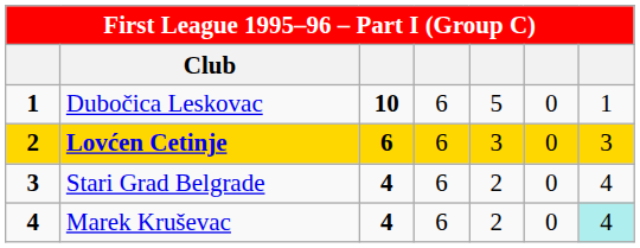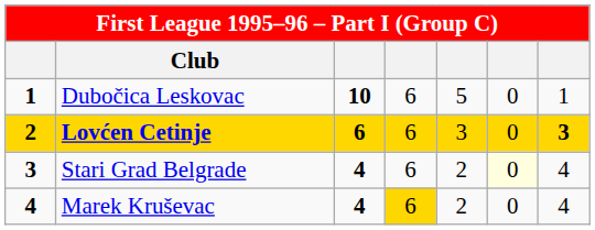 <table class="wikitable" style="text-align:center">
 <tr>
 <th colspan=10 style="background:red;color:white;">First League 1995–96 – Part I (Group C)</th>
 </tr>
 <tr>
 <th width=28></th>
 <th width=185>Club</th>
 <th width=28></th>
 <th width=28></th>
 <th width=28></th>
 <th width=28></th>
 <th width=28></th>
 </tr>
 <tr>
 <td><strong>1</strong></td>
 <td align=left><a href='#'>Dubočica Leskovac</a></td>
 <td><strong>10</strong></td>
 <td>6</td>
 <td>5</td>
 <td>0</td>
 <td>1</td>
 </tr>
 <tr style="background:gold;">
 <td><strong>2</strong></td>
 <td align=left><strong> <a href='#'>Lovćen Cetinje</a> </strong></td>
 <td><strong>6</strong></td>
 <td>6</td>
 <td>3</td>
 <td>0</td>
-<td>3</td>
+<td><strong>3</strong></td>
 </tr>
 <tr>
 <td><strong>3</strong></td>
 <td align=left><a href='#'>Stari Grad Belgrade</a></td>
 <td><strong>4</strong></td>
 <td>6</td>
 <td>2</td>
-<td>0</td>
+<td style="background: lightyellow;">0</td>
 <td>4</td>
 </tr>
 <tr>
 <td><strong>4</strong></td>
 <td align=left><a href='#'>Marek Kruševac</a></td>
 <td><strong>4</strong></td>
-<td>6</td>
+<td style="background: gold;">6</td>
 <td>2</td>
 <td>0</td>
-<td style="background: paleturquoise;">4</td>
+<td>4</td>
 </tr>
 </table>
